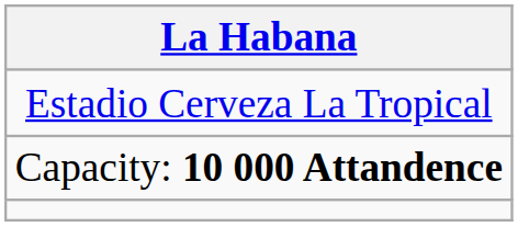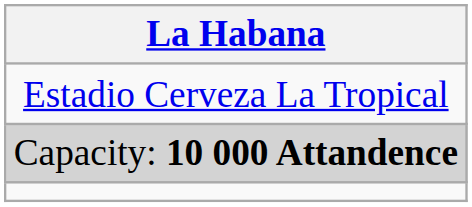 <table class="wikitable" style="text-align:center">
 <tr>
 <th><a href='#'>La Habana</a></th>
 </tr>
 <tr>
 <td><a href='#'>Estadio Cerveza La Tropical</a></td>
 </tr>
 <tr>
-<td>Capacity: <strong>10 000 Attandence</strong></td>
+<td style="background: lightgrey;">Capacity: <strong>10 000 Attandence</strong></td>
 </tr>
 <tr>
 <td></td>
 </tr>
 </table>
